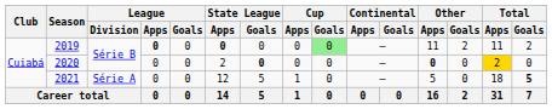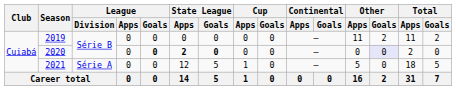 <table class="wikitable" style="text-align: center">
 <tr>
 <th rowspan="2">Club</th>
 <th rowspan="2">Season</th>
 <th colspan="3">League</th>
 <th colspan="2">State League</th>
 <th colspan="2">Cup</th>
 <th colspan="2">Continental</th>
 <th colspan="2">Other</th>
 <th colspan="2">Total</th>
 </tr>
 <tr>
 <th>Division</th>
 <th>Apps</th>
 <th>Goals</th>
 <th>Apps</th>
 <th>Goals</th>
 <th>Apps</th>
 <th>Goals</th>
 <th>Apps</th>
 <th>Goals</th>
 <th>Apps</th>
 <th>Goals</th>
 <th>Apps</th>
 <th>Goals</th>
 </tr>
 <tr>
 <td rowspan="3"><a href='#'>Cuiabá</a></td>
 <td><a href='#'>2019</a></td>
 <td rowspan="2"><a href='#'>Série B</a></td>
-<td><strong>0</strong></td>
-<td>0</td>
-<td><strong>0</strong></td>
 <td>0</td>
 <td>0</td>
-<td style="background: lightgreen;">0</td>
+<td>0</td>
+<td>0</td>
+<td>0</td>
+<td>0</td>
 <td colspan="2">—</td>
 <td>11</td>
 <td>2</td>
 <td>11</td>
 <td>2</td>
 </tr>
 <tr>
 <td><a href='#'>2020</a></td>
 <td>0</td>
-<td>0</td>
-<td>2</td>
+<td><strong>0</strong></td>
+<td><strong>2</strong></td>
 <td><strong>0</strong></td>
 <td>0</td>
 <td>0</td>
 <td colspan="2">—</td>
-<td><strong>0</strong></td>
 <td>0</td>
-<td style="background: gold;">2</td>
+<td style="background: lavender;">0</td>
+<td>2</td>
 <td>0</td>
 </tr>
 <tr>
 <td><a href='#'>2021</a></td>
 <td><a href='#'>Série A</a></td>
 <td>0</td>
 <td>0</td>
 <td>12</td>
 <td>5</td>
 <td>1</td>
 <td>0</td>
 <td colspan="2">—</td>
 <td>5</td>
 <td>0</td>
 <td>18</td>
-<td><strong>5</strong></td>
+<td>5</td>
 </tr>
 <tr>
 <th colspan="3">Career total</th>
 <th>0</th>
 <th>0</th>
 <th>14</th>
 <th>5</th>
 <th>1</th>
 <th>0</th>
 <th>0</th>
 <th>0</th>
 <th>16</th>
 <th>2</th>
 <th>31</th>
 <th>7</th>
 </tr>
 </table>
